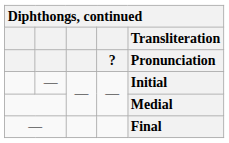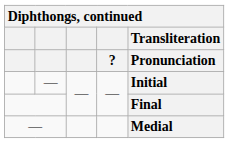 <table class="wikitable" style="text-align: center; display: inline-table;">
 <tr>
 <th colspan="5" style="text-align: left">Diphthongs, continued</th>
 </tr>
 <tr>
 <th style="min-width: 1.75em"></th>
 <th style="min-width: 1.75em"></th>
 <th style="min-width: 1.75em"></th>
 <th style="min-width: 1.75em"></th>
 <th style="text-align: left">Transliteration</th>
 </tr>
 <tr>
 <th></th>
 <th></th>
 <th></th>
 <th>?</th>
 <th style="text-align: left">Pronunciation</th>
 </tr>
 <tr>
 <td></td>
 <td>—</td>
 <td rowspan="2">—</td>
 <td rowspan="2">—</td>
 <th style="text-align: left">Initial</th>
 </tr>
 <tr>
 <td colspan="2"></td>
-<th style="text-align: left">Medial</th>
+<th style="text-align: left">Final</th>
 </tr>
 <tr>
 <td colspan="2">—</td>
 <td> </td>
 <td></td>
-<th style="text-align: left">Final</th>
+<th style="text-align: left">Medial</th>
 </tr>
 </table>
